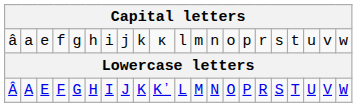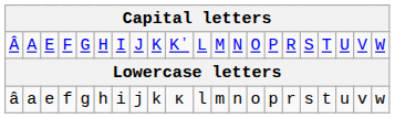 <table class="wikitable" style="align: center; border-collapse: collapse; text-align: center;">
 <tr>
 <th colspan="21">Capital letters</th>
+</tr>
+<tr>
+<td><a href='#'>Â</a></td>
+<td><a href='#'>A</a></td>
+<td><a href='#'>E</a></td>
+<td><a href='#'>F</a></td>
+<td><a href='#'>G</a></td>
+<td><a href='#'>H</a></td>
+<td><a href='#'>I</a></td>
+<td><a href='#'>J</a></td>
+<td><a href='#'>K</a></td>
+<td><a href='#'>Kʼ</a></td>
+<td><a href='#'>L</a></td>
+<td><a href='#'>M</a></td>
+<td><a href='#'>N</a></td>
+<td><a href='#'>O</a></td>
+<td><a href='#'>P</a></td>
+<td><a href='#'>R</a></td>
+<td><a href='#'>S</a></td>
+<td><a href='#'>T</a></td>
+<td><a href='#'>U</a></td>
+<td><a href='#'>V</a></td>
+<td><a href='#'>W</a></td>
+</tr>
+<tr>
+<th colspan="21">Lowercase letters</th>
 </tr>
 <tr>
 <td>â</td>
 <td>a</td>
 <td>e</td>
 <td>f</td>
 <td>g</td>
 <td>h</td>
 <td>i</td>
 <td>j</td>
 <td>k</td>
 <td>ĸ</td>
 <td>l</td>
 <td>m</td>
 <td>n</td>
 <td>o</td>
 <td>p</td>
 <td>r</td>
 <td>s</td>
 <td>t</td>
 <td>u</td>
 <td>v</td>
 <td>w</td>
 </tr>
-<tr>
-<th colspan="21">Lowercase letters</th>
-</tr>
-<tr>
-<td><a href='#'>Â</a></td>
-<td><a href='#'>A</a></td>
-<td><a href='#'>E</a></td>
-<td><a href='#'>F</a></td>
-<td><a href='#'>G</a></td>
-<td><a href='#'>H</a></td>
-<td><a href='#'>I</a></td>
-<td><a href='#'>J</a></td>
-<td><a href='#'>K</a></td>
-<td><a href='#'>Kʼ</a></td>
-<td><a href='#'>L</a></td>
-<td><a href='#'>M</a></td>
-<td><a href='#'>N</a></td>
-<td><a href='#'>O</a></td>
-<td><a href='#'>P</a></td>
-<td><a href='#'>R</a></td>
-<td><a href='#'>S</a></td>
-<td><a href='#'>T</a></td>
-<td><a href='#'>U</a></td>
-<td><a href='#'>V</a></td>
-<td><a href='#'>W</a></td>
-</tr>
 </table>
